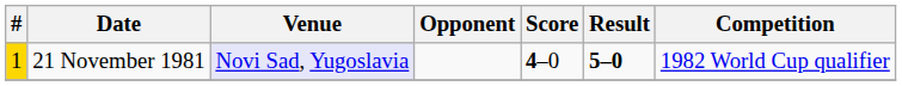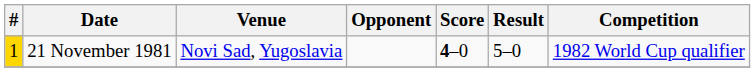 <table class="wikitable collapsible collapsed" style="font-size:90%">
 <tr>
 <th>#</th>
 <th>Date</th>
 <th>Venue</th>
 <th>Opponent</th>
 <th>Score</th>
 <th>Result</th>
 <th>Competition</th>
 </tr>
 <tr>
 <td style="background: gold;">1</td>
 <td>21 November 1981</td>
-<td style="background: lavender;"><a href='#'>Novi Sad</a>, <a href='#'>Yugoslavia</a></td>
+<td><a href='#'>Novi Sad</a>, <a href='#'>Yugoslavia</a></td>
 <td></td>
 <td><strong>4</strong>–0</td>
-<td><strong>5–0</strong></td>
+<td>5–0</td>
 <td><a href='#'>1982 World Cup qualifier</a></td>
 </tr>
 <tr>
 </tr>
 </table>
